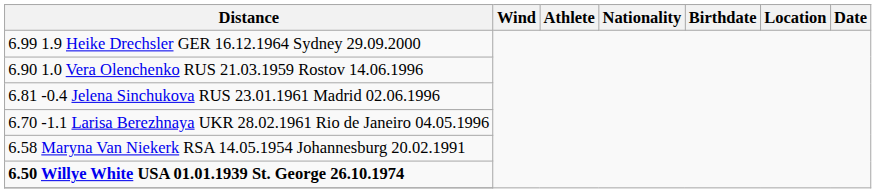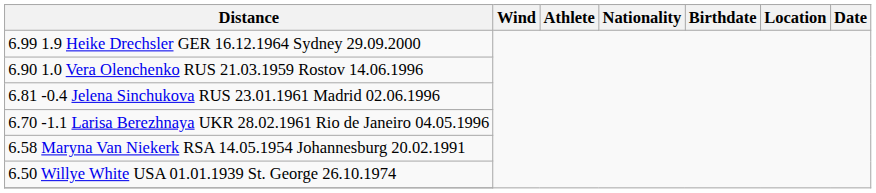 <table class="wikitable">
 <tr>
 <th>Distance</th>
 <th>Wind</th>
 <th>Athlete</th>
 <th>Nationality</th>
 <th>Birthdate</th>
 <th>Location</th>
 <th>Date</th>
 </tr>
 <tr>
 <td>6.99	1.9	<a href='#'>Heike Drechsler</a>	 GER	16.12.1964	Sydney	29.09.2000</td>
 </tr>
 <tr>
 <td>6.90	1.0	<a href='#'>Vera Olenchenko</a>	 RUS	21.03.1959	Rostov	14.06.1996</td>
 </tr>
 <tr>
 <td>6.81	-0.4	<a href='#'>Jelena Sinchukova</a>	 RUS	23.01.1961	Madrid	02.06.1996</td>
 </tr>
 <tr>
 <td>6.70	-1.1	<a href='#'>Larisa Berezhnaya</a>	 UKR	28.02.1961	Rio de Janeiro	04.05.1996</td>
 </tr>
 <tr>
 <td>6.58	   <a href='#'>Maryna Van Niekerk</a>	 RSA	14.05.1954	Johannesburg	20.02.1991</td>
 </tr>
 <tr>
-<td><strong>6.50	  <a href='#'>Willye White</a>	 USA	01.01.1939	St. George	26.10.1974</strong></td>
+<td>6.50	  <a href='#'>Willye White</a>	 USA	01.01.1939	St. George	26.10.1974</td>
 </tr>
 <tr>
 </tr>
 </table>
